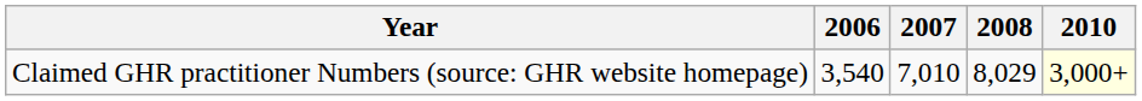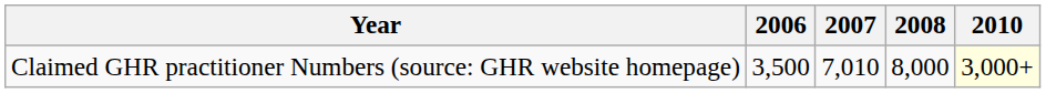 <table class="wikitable">
 <tr>
 <th>Year</th>
 <th>2006</th>
 <th>2007</th>
 <th>2008</th>
 <th>2010</th>
 </tr>
 <tr>
 <td>Claimed GHR practitioner Numbers (source: GHR website homepage)</td>
-<td>3,540</td>
+<td>3,500</td>
 <td>7,010</td>
-<td>8,029</td>
+<td>8,000</td>
 <td style="background: lightyellow;">3,000+</td>
 </tr>
 </table>
